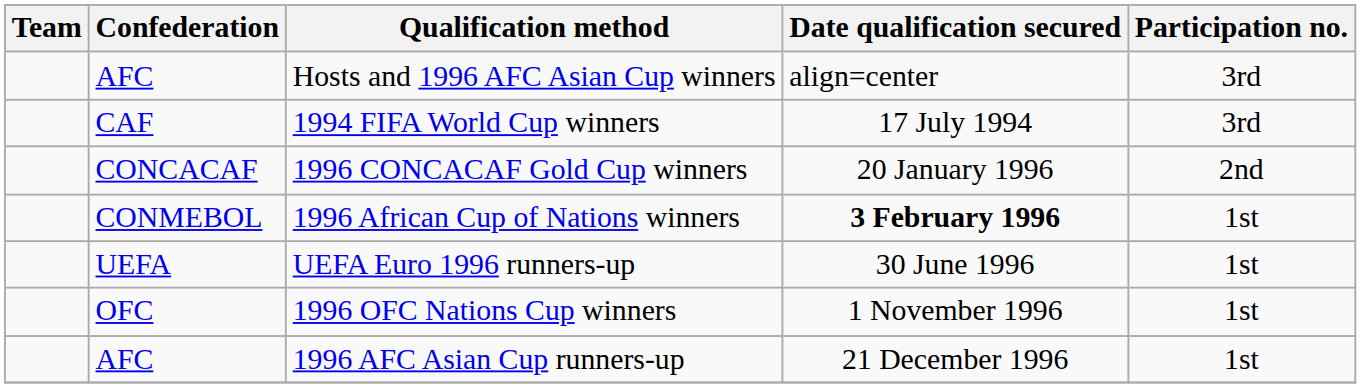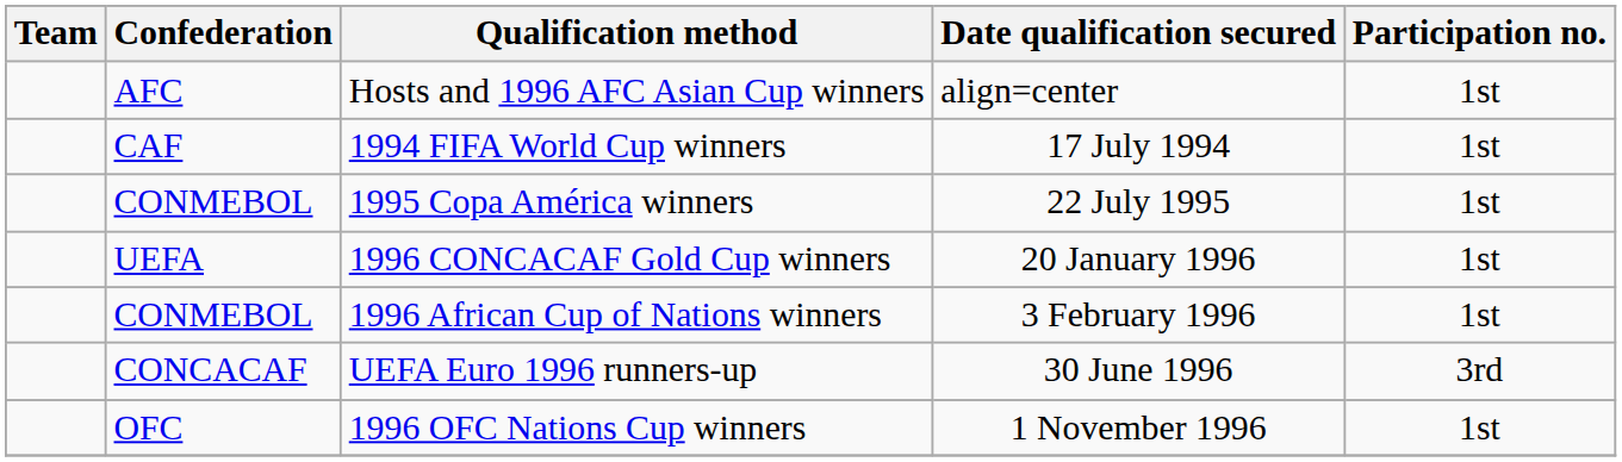 <table class="wikitable sortable">
 <tr>
 <th>Team</th>
 <th>Confederation</th>
 <th>Qualification method</th>
 <th>Date qualification secured</th>
 <th>Participation no.</th>
 </tr>
 <tr>
 <td></td>
 <td><a href='#'>AFC</a></td>
 <td>Hosts and <a href='#'>1996 AFC Asian Cup</a> winners</td>
 <td>align=center </td>
-<td align=center>3rd</td>
+<td align=center>1st</td>
 </tr>
 <tr>
 <td></td>
 <td><a href='#'>CAF</a></td>
 <td><a href='#'>1994 FIFA World Cup</a> winners</td>
 <td align=center>17 July 1994</td>
-<td align=center>3rd</td>
+<td align=center>1st</td>
 </tr>
 <tr>
 <td></td>
-<td><a href='#'>CONCACAF</a></td>
+<td><a href='#'>CONMEBOL</a></td>
+<td><a href='#'>1995 Copa América</a> winners</td>
+<td align=center>22 July 1995</td>
+<td align=center>1st</td>
+</tr>
+<tr>
+<td></td>
+<td><a href='#'>UEFA</a></td>
 <td><a href='#'>1996 CONCACAF Gold Cup</a> winners</td>
 <td align=center>20 January 1996</td>
-<td align=center>2nd</td>
+<td align=center>1st</td>
 </tr>
 <tr>
 <td></td>
 <td><a href='#'>CONMEBOL</a></td>
 <td><a href='#'>1996 African Cup of Nations</a> winners</td>
-<td align=center><strong>3 February 1996</strong></td>
+<td align=center>3 February 1996</td>
 <td align=center>1st</td>
 </tr>
 <tr>
 <td></td>
-<td><a href='#'>UEFA</a></td>
+<td><a href='#'>CONCACAF</a></td>
 <td><a href='#'>UEFA Euro 1996</a> runners-up</td>
 <td align=center>30 June 1996</td>
-<td align=center>1st</td>
+<td align=center>3rd</td>
 </tr>
 <tr>
 <td></td>
 <td><a href='#'>OFC</a></td>
 <td><a href='#'>1996 OFC Nations Cup</a> winners</td>
 <td align=center>1 November 1996</td>
 <td align=center>1st</td>
 </tr>
 <tr>
-<td></td>
-<td><a href='#'>AFC</a></td>
-<td><a href='#'>1996 AFC Asian Cup</a> runners-up</td>
-<td align=center>21 December 1996</td>
-<td align=center>1st</td>
-</tr>
-<tr>
 </tr>
 </table>
